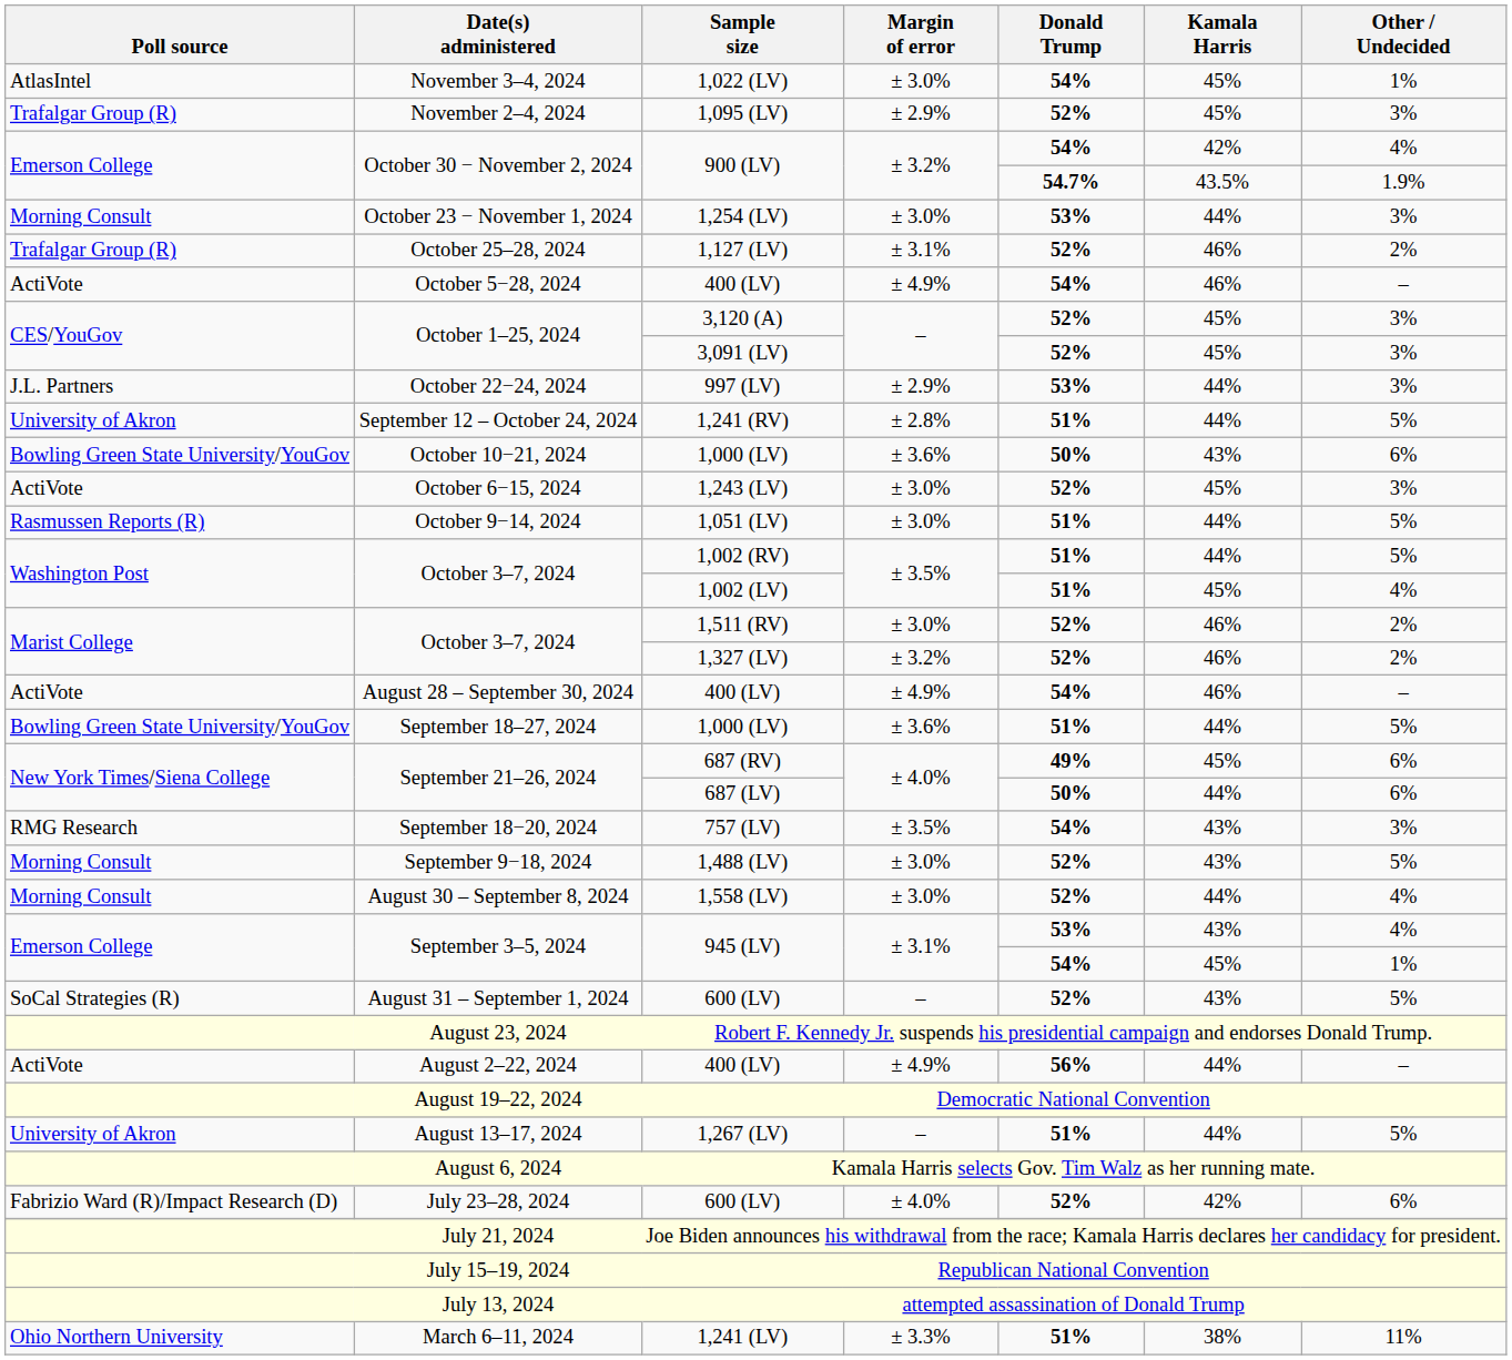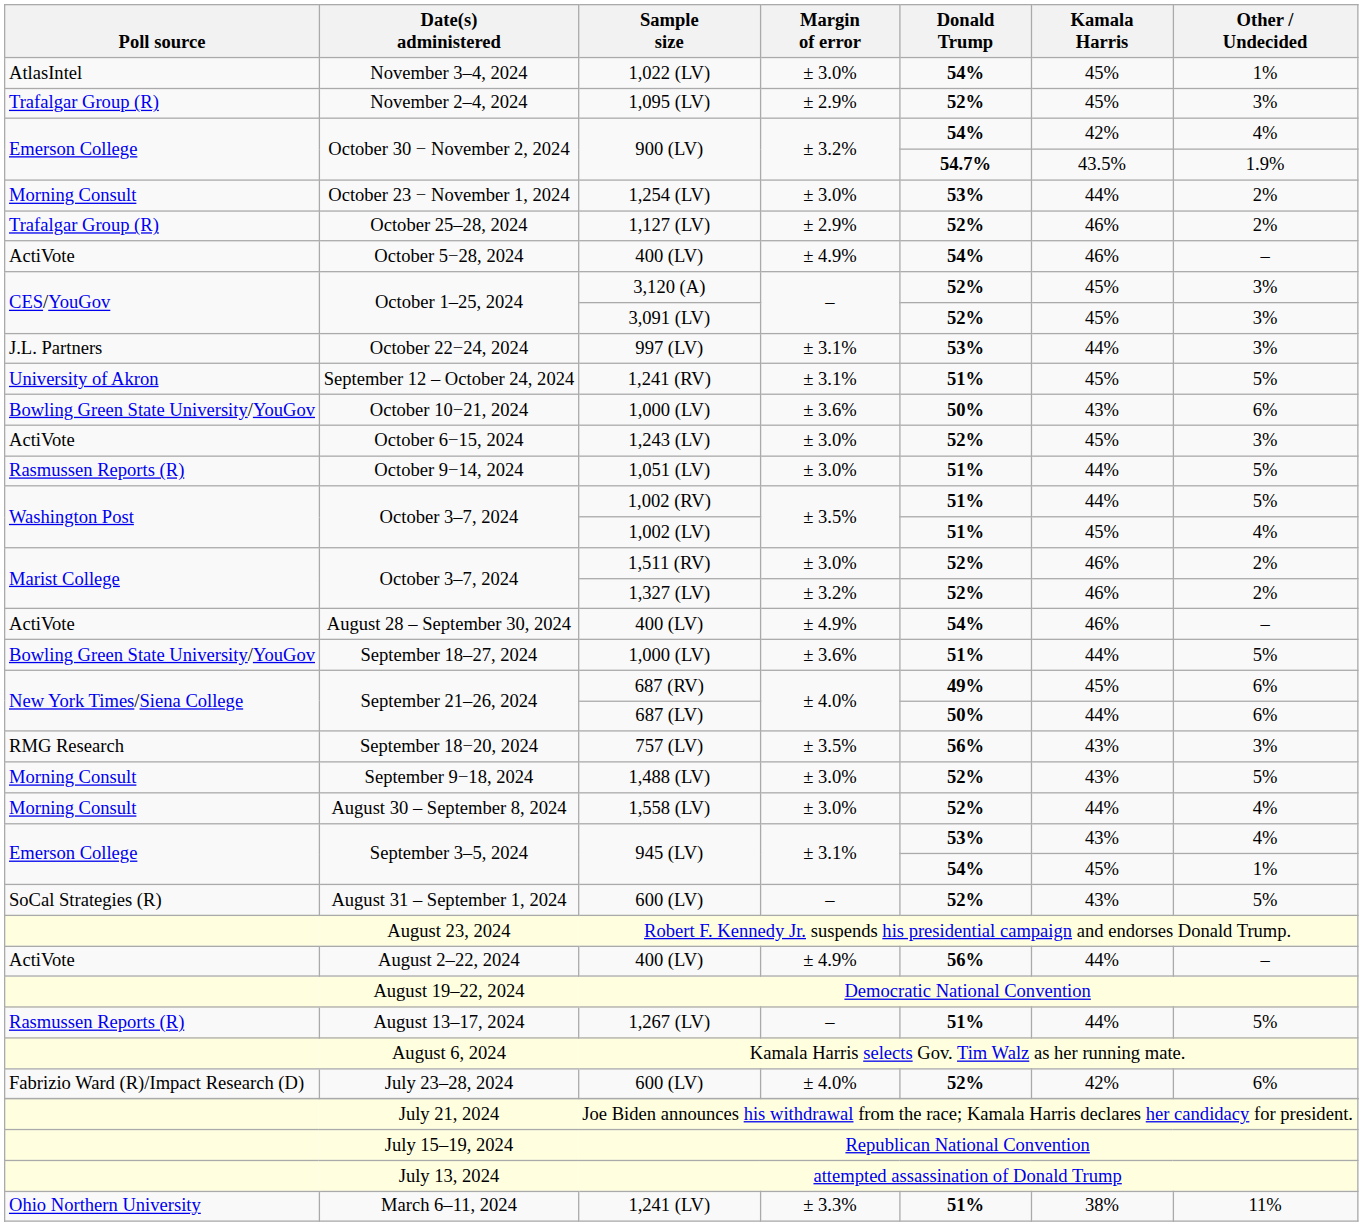 <table class="wikitable sortable mw-datatable" style="font-size:90%;text-align:center;line-height:17px">
 <tr valign=bottom>
 <th>Poll source</th>
 <th>Date(s)<br>administered</th>
 <th>Sample<br>size</th>
 <th>Margin<br>of error</th>
 <th class="unsortable">Donald<br>Trump<br></th>
 <th class="unsortable">Kamala<br>Harris<br></th>
 <th class="unsortable">Other /<br>Undecided</th>
 </tr>
 <tr>
 <td style="text-align:left;">AtlasIntel</td>
 <td data-sort-value="2024-11-04">November 3–4, 2024</td>
 <td>1,022 (LV)</td>
 <td>± 3.0%</td>
 <td style="background-color:"><strong>54%</strong></td>
 <td>45%</td>
 <td>1%</td>
 </tr>
 <tr>
 <td style="text-align:left;"><a href='#'>Trafalgar Group (R)</a></td>
 <td data-sort-value="2024-11-04">November 2–4, 2024</td>
 <td>1,095 (LV)</td>
 <td>± 2.9%</td>
 <td style="background-color:"><strong>52%</strong></td>
 <td>45%</td>
 <td>3%</td>
 </tr>
 <tr>
 <td rowspan="2" style="text-align:left;"><a href='#'>Emerson College</a></td>
 <td rowspan="2" data-sort-value="2024-11-01">October 30 − November 2, 2024</td>
 <td rowspan="2">900 (LV)</td>
 <td rowspan="2">± 3.2%</td>
 <td style="background-color:"><strong>54%</strong></td>
 <td>42%</td>
 <td>4%</td>
 </tr>
 <tr>
 <td style="background-color:"><strong>54.7%</strong></td>
 <td>43.5%</td>
 <td>1.9%</td>
 </tr>
 <tr>
 <td style="text-align:left;"><a href='#'>Morning Consult</a></td>
 <td data-sort-value="2024-11-01">October 23 − November 1, 2024</td>
 <td>1,254 (LV)</td>
 <td>± 3.0%</td>
 <td style="background-color:"><strong>53%</strong></td>
 <td>44%</td>
-<td>3%</td>
+<td>2%</td>
 </tr>
 <tr>
 <td style="text-align:left;"><a href='#'>Trafalgar Group (R)</a></td>
 <td data-sort-value="2024-10-28">October 25–28, 2024</td>
 <td>1,127 (LV)</td>
-<td>± 3.1%</td>
+<td>± 2.9%</td>
 <td style="background-color:"><strong>52%</strong></td>
 <td>46%</td>
 <td>2%</td>
 </tr>
 <tr>
 <td style="text-align:left;">ActiVote</td>
 <td data-sort-value="2024-10-28">October 5−28, 2024</td>
 <td>400 (LV)</td>
 <td>± 4.9%</td>
 <td style="background-color:"><strong>54%</strong></td>
 <td>46%</td>
 <td>–</td>
 </tr>
 <tr>
 <td style="text-align:left;" rowspan="2"><a href='#'>CES</a>/<a href='#'>YouGov</a></td>
 <td rowspan="2">October 1–25, 2024</td>
 <td>3,120 (A)</td>
 <td rowspan="2">–</td>
 <td style="background-color:"><strong>52%</strong></td>
 <td>45%</td>
 <td>3%</td>
 </tr>
 <tr>
 <td>3,091 (LV)</td>
 <td style="background-color:"><strong>52%</strong></td>
 <td>45%</td>
 <td>3%</td>
 </tr>
 <tr>
 <td style="text-align:left;">J.L. Partners</td>
 <td data-sort-value="2024-10-24">October 22−24, 2024</td>
 <td>997 (LV)</td>
-<td>± 2.9%</td>
+<td>± 3.1%</td>
 <td style="background-color:"><strong>53%</strong></td>
 <td>44%</td>
 <td>3%</td>
 </tr>
 <tr>
 <td style="text-align:left;"><a href='#'>University of Akron</a></td>
 <td data-sort-value="2024-10-24">September 12 – October 24, 2024</td>
 <td>1,241 (RV)</td>
-<td>± 2.8%</td>
+<td>± 3.1%</td>
 <td style="background-color:"><strong>51%</strong></td>
-<td>44%</td>
+<td>45%</td>
 <td>5%</td>
 </tr>
 <tr>
 <td style="text-align:left;"><a href='#'>Bowling Green State University</a>/<a href='#'>YouGov</a></td>
 <td data-sort-value="2024-10-21">October 10−21, 2024</td>
 <td>1,000 (LV)</td>
 <td>± 3.6%</td>
 <td style="background-color:"><strong>50%</strong></td>
 <td>43%</td>
 <td>6%</td>
 </tr>
 <tr>
 <td style="text-align:left;">ActiVote</td>
 <td data-sort-value="2024-10-15">October 6−15, 2024</td>
 <td>1,243 (LV)</td>
 <td>± 3.0%</td>
 <td style="background-color:"><strong>52%</strong></td>
 <td>45%</td>
 <td>3%</td>
 </tr>
 <tr>
 <td style="text-align:left;"><a href='#'>Rasmussen Reports (R)</a></td>
 <td data-sort-value="2024-10-14">October 9−14, 2024</td>
 <td>1,051 (LV)</td>
 <td>± 3.0%</td>
 <td style="background-color:"><strong>51%</strong></td>
 <td>44%</td>
 <td>5%</td>
 </tr>
 <tr>
 <td style="text-align:left;" rowspan="2"><a href='#'>Washington Post</a></td>
 <td rowspan="2">October 3–7, 2024</td>
 <td>1,002 (RV)</td>
 <td rowspan="2">± 3.5%</td>
 <td style="background-color:"><strong>51%</strong></td>
 <td>44%</td>
 <td>5%</td>
 </tr>
 <tr>
 <td>1,002 (LV)</td>
 <td style="background-color:"><strong>51%</strong></td>
 <td>45%</td>
 <td>4%</td>
 </tr>
 <tr>
 <td style="text-align:left;" rowspan="2"><a href='#'>Marist College</a></td>
 <td rowspan="2">October 3–7, 2024</td>
 <td>1,511 (RV)</td>
 <td>± 3.0%</td>
 <td style="background-color:"><strong>52%</strong></td>
 <td>46%</td>
 <td>2%</td>
 </tr>
 <tr>
 <td>1,327 (LV)</td>
 <td>± 3.2%</td>
 <td style="background-color:"><strong>52%</strong></td>
 <td>46%</td>
 <td>2%</td>
 </tr>
 <tr>
 <td style="text-align:left;">ActiVote</td>
 <td data-sort-value="2024-09-30">August 28 – September 30, 2024</td>
 <td>400 (LV)</td>
 <td>± 4.9%</td>
 <td style="background-color:"><strong>54%</strong></td>
 <td>46%</td>
 <td>–</td>
 </tr>
 <tr>
 <td style="text-align:left;"><a href='#'>Bowling Green State University</a>/<a href='#'>YouGov</a></td>
 <td data-sort-value="2024-09-27">September 18–27, 2024</td>
 <td>1,000 (LV)</td>
 <td>± 3.6%</td>
 <td style="background-color:"><strong>51%</strong></td>
 <td>44%</td>
 <td>5%</td>
 </tr>
 <tr>
 <td style="text-align:left;" rowspan="2"><a href='#'>New York Times</a>/<a href='#'>Siena College</a></td>
 <td rowspan="2">September 21–26, 2024</td>
 <td>687 (RV)</td>
 <td rowspan="2">± 4.0%</td>
 <td style="background-color:"><strong>49%</strong></td>
 <td>45%</td>
 <td>6%</td>
 </tr>
 <tr>
 <td>687 (LV)</td>
 <td style="background-color:"><strong>50%</strong></td>
 <td>44%</td>
 <td>6%</td>
 </tr>
 <tr>
 <td style="text-align:left">RMG Research</td>
 <td data-sort-value="2024-09-20">September 18−20, 2024</td>
 <td>757 (LV)</td>
 <td>± 3.5%</td>
-<td style="background-color:"><strong>54%</strong></td>
+<td style="background-color:"><strong>56%</strong></td>
 <td>43%</td>
 <td>3%</td>
 </tr>
 <tr>
 <td style="text-align:left;"><a href='#'>Morning Consult</a></td>
 <td data-sort-value="2024-09-18">September 9−18, 2024</td>
 <td>1,488 (LV)</td>
 <td>± 3.0%</td>
 <td style="background-color:"><strong>52%</strong></td>
 <td>43%</td>
 <td>5%</td>
 </tr>
 <tr>
 <td style="text-align:left;"><a href='#'>Morning Consult</a></td>
 <td data-sort-value="2024-09-08">August 30 – September 8, 2024</td>
 <td>1,558 (LV)</td>
 <td>± 3.0%</td>
 <td style="background-color:"><strong>52%</strong></td>
 <td>44%</td>
 <td>4%</td>
 </tr>
 <tr>
 <td style="text-align:left;" rowspan="2"><a href='#'>Emerson College</a></td>
 <td rowspan="2">September 3–5, 2024</td>
 <td rowspan="2">945 (LV)</td>
 <td rowspan="2">± 3.1%</td>
 <td style="background-color:"><strong>53%</strong></td>
 <td>43%</td>
 <td>4%</td>
 </tr>
 <tr>
 <td style="background-color:"><strong>54%</strong></td>
 <td>45%</td>
 <td>1%</td>
 </tr>
 <tr>
 <td style="text-align:left;">SoCal Strategies (R)</td>
 <td data-sort-value="2024-09-01">August 31 – September 1, 2024</td>
 <td>600 (LV)</td>
 <td>–</td>
 <td style="background-color:"><strong>52%</strong></td>
 <td>43%</td>
 <td>5%</td>
 </tr>
 <tr style="background:lightyellow;">
 <td style="border-right-style:hidden;"></td>
 <td style="border-right-style:hidden; " data-sort-value="2024-08-21">August 23, 2024</td>
 <td colspan="5"><a href='#'>Robert F. Kennedy Jr.</a> suspends <a href='#'>his presidential campaign</a> and endorses Donald Trump.</td>
 </tr>
 <tr>
 <td style="text-align:left;">ActiVote</td>
 <td data-sort-value="2024-08-22">August 2–22, 2024</td>
 <td>400 (LV)</td>
 <td>± 4.9%</td>
 <td style="background-color:"><strong>56%</strong></td>
 <td>44%</td>
 <td>–</td>
 </tr>
 <tr style="background:lightyellow;">
 <td style="border-right-style:hidden;"></td>
 <td style="border-right-style:hidden; " data-sort-value="2024-08-19">August 19–22, 2024</td>
 <td colspan="5"><a href='#'>Democratic National Convention</a></td>
 </tr>
 <tr>
-<td style="text-align:left;"><a href='#'>University of Akron</a></td>
+<td style="text-align:left;"><a href='#'>Rasmussen Reports (R)</a></td>
 <td data-sort-value="2024-08-17">August 13–17, 2024</td>
 <td>1,267 (LV)</td>
 <td>–</td>
 <td style="background-color:"><strong>51%</strong></td>
 <td>44%</td>
 <td>5%</td>
 </tr>
 <tr style="background:lightyellow;">
 <td style="border-right-style:hidden;"></td>
 <td style="border-right-style:hidden; " data-sort-value="2024-08-06">August 6, 2024</td>
 <td colspan="5">Kamala Harris <a href='#'>selects</a> Gov. <a href='#'>Tim Walz</a> as her running mate.</td>
 </tr>
 <tr>
 <td style="text-align:left;">Fabrizio Ward (R)/Impact Research (D)</td>
 <td data-sort-value="2024-07-28">July 23–28, 2024</td>
 <td>600 (LV)</td>
 <td>± 4.0%</td>
 <td style="background-color:"><strong>52%</strong></td>
 <td>42%</td>
 <td>6%</td>
 </tr>
 <tr>
 </tr>
 <tr style="background:lightyellow;">
 <td style="border-right-style:hidden; background:lightyellow;"></td>
 <td style="border-right-style:hidden; " data-sort-value="2024-07-21">July 21, 2024</td>
 <td colspan="6">Joe Biden announces <a href='#'>his withdrawal</a> from the race; Kamala Harris declares <a href='#'>her candidacy</a> for president.</td>
 </tr>
 <tr style="background:lightyellow;">
 <td style="border-right-style:hidden;"></td>
 <td style="border-right-style:hidden; " data-sort-value="2024-07-15">July 15–19, 2024</td>
 <td colspan="5"><a href='#'>Republican National Convention</a></td>
 </tr>
 <tr style="background:lightyellow;">
 <td style="border-right-style:hidden;"></td>
 <td style="border-right-style:hidden; " data-sort-value="2024-07-13">July 13, 2024</td>
 <td colspan="5"><a href='#'>attempted assassination of Donald Trump</a></td>
 </tr>
 <tr>
 <td style="text-align:left;"><a href='#'>Ohio Northern University</a><br></td>
 <td data-sort-value="2024-03-13">March 6–11, 2024</td>
 <td>1,241 (LV)</td>
 <td>± 3.3%</td>
 <td style="background-color:"><strong>51%</strong></td>
 <td>38%</td>
 <td>11%</td>
 </tr>
 </table>
